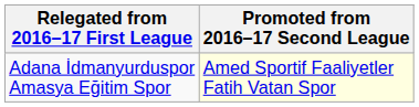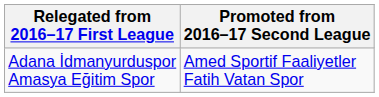 <table class="wikitable">
 <tr>
 <th>Relegated from<br><a href='#'>2016–17 First League</a></th>
 <th>Promoted from<br>2016–17 Second League</th>
 </tr>
 <tr>
 <td><a href='#'>Adana İdmanyurduspor</a><br><a href='#'>Amasya Eğitim Spor</a></td>
-<td style="background: lightyellow;"><a href='#'>Amed Sportif Faaliyetler</a><br><a href='#'>Fatih Vatan Spor</a></td>
+<td><a href='#'>Amed Sportif Faaliyetler</a><br><a href='#'>Fatih Vatan Spor</a></td>
 </tr>
 </table>
